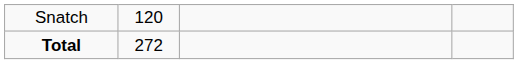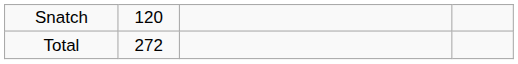 <table class = "wikitable" style="text-align:center;">
 <tr>
 <td width=100>Snatch</td>
 <td width=50>120</td>
 <td width=250 align=left></td>
 <td width=50></td>
 </tr>
 <tr>
-<td><strong>Total</strong></td>
+<td>Total</td>
 <td>272</td>
 <td align=left></td>
 <td></td>
 </tr>
 </table>
